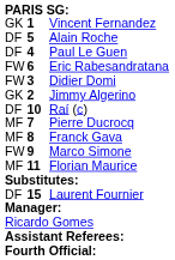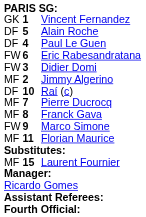 <table style=font-size:90% cellspacing=0 cellpadding=0>
 <tr>
 <td colspan=4><strong>PARIS SG:</strong></td>
 </tr>
 <tr>
 <th width=25></th>
 <th width=25></th>
 </tr>
 <tr>
 <td>GK</td>
 <td><strong>1</strong></td>
 <td> <a href='#'>Vincent Fernandez</a></td>
 </tr>
 <tr>
 <td>DF</td>
 <td><strong>5</strong></td>
 <td> <a href='#'>Alain Roche</a></td>
 </tr>
 <tr>
 <td>DF</td>
 <td><strong>4</strong></td>
 <td> <a href='#'>Paul Le Guen</a></td>
 </tr>
 <tr>
 <td>FW</td>
 <td><strong>6</strong></td>
 <td> <a href='#'>Eric Rabesandratana</a></td>
 </tr>
 <tr>
 <td>FW</td>
 <td><strong>3</strong></td>
 <td> <a href='#'>Didier Domi</a></td>
 </tr>
 <tr>
-<td>GK</td>
+<td>MF</td>
 <td><strong>2</strong></td>
 <td> <a href='#'>Jimmy Algerino</a></td>
 </tr>
 <tr>
 <td>DF</td>
 <td><strong>10</strong></td>
 <td> <a href='#'>Raí</a> (<a href='#'>c</a>)</td>
 </tr>
 <tr>
 <td>MF</td>
 <td><strong>7</strong></td>
 <td> <a href='#'>Pierre Ducrocq</a></td>
 </tr>
 <tr>
 <td>MF</td>
 <td><strong>8</strong></td>
 <td> <a href='#'>Franck Gava</a></td>
 </tr>
 <tr>
 <td>FW</td>
 <td><strong>9</strong></td>
 <td> <a href='#'>Marco Simone</a></td>
 </tr>
 <tr>
 <td>MF</td>
 <td><strong>11</strong></td>
 <td> <a href='#'>Florian Maurice</a></td>
 <td></td>
 <td></td>
 </tr>
 <tr>
 <td colspan=3><strong>Substitutes:</strong></td>
 </tr>
 <tr>
-<td>DF</td>
+<td>MF</td>
 <td><strong>15</strong></td>
 <td> <a href='#'>Laurent Fournier</a></td>
 <td></td>
 <td></td>
 </tr>
 <tr>
 <td colspan=3><strong>Manager:</strong></td>
 </tr>
 <tr>
 <td colspan=4> <a href='#'>Ricardo Gomes</a><br><strong>Assistant Referees:</strong><br> <strong>Fourth Official:</strong><br></td>
 </tr>
 </table>
